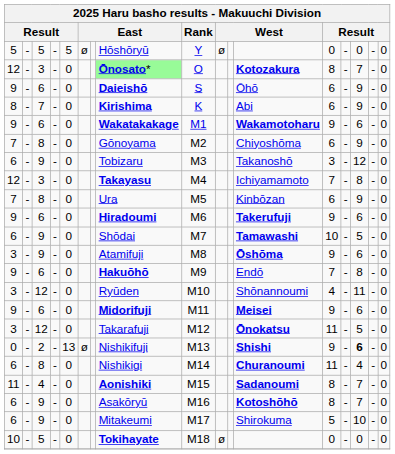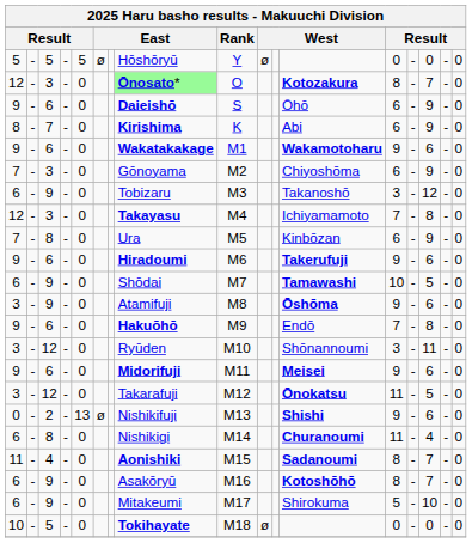 <table class="wikitable" style="text-align:center">
 <tr>
 <th colspan="17">2025 Haru basho results - Makuuchi Division</th>
 </tr>
 <tr>
 <th colspan="5">Result</th>
 <th colspan="3">East</th>
 <th>Rank</th>
 <th colspan="3">West</th>
 <th colspan="5">Result</th>
 </tr>
 <tr>
 <td>5</td>
 <td>-</td>
 <td>5</td>
 <td>-</td>
 <td>5</td>
 <td>ø</td>
 <td></td>
 <td style="text-align:left;"><a href='#'>Hōshōryū</a></td>
 <td><a href='#'>Y</a></td>
 <td>ø</td>
 <td></td>
 <td></td>
 <td>0</td>
 <td>-</td>
 <td>0</td>
 <td>-</td>
 <td>0</td>
 </tr>
 <tr>
 <td>12</td>
 <td>-</td>
 <td>3</td>
 <td>-</td>
 <td>0</td>
 <td></td>
 <td></td>
 <td style="text-align:left; background:palegreen;"><strong><a href='#'>Ōnosato</a></strong>*</td>
 <td><a href='#'>O</a></td>
 <td></td>
 <td></td>
 <td style="text-align:left;"><strong><a href='#'>Kotozakura</a></strong></td>
 <td>8</td>
 <td>-</td>
 <td>7</td>
 <td>-</td>
 <td>0</td>
 </tr>
 <tr>
 <td>9</td>
 <td>-</td>
 <td>6</td>
 <td>-</td>
 <td>0</td>
 <td></td>
 <td></td>
 <td style="text-align:left;"><strong><a href='#'>Daieishō</a></strong></td>
 <td><a href='#'>S</a></td>
 <td></td>
 <td></td>
 <td style="text-align:left;"><a href='#'>Ōhō</a></td>
 <td>6</td>
 <td>-</td>
 <td>9</td>
 <td>-</td>
 <td>0</td>
 </tr>
 <tr>
 <td>8</td>
 <td>-</td>
 <td>7</td>
 <td>-</td>
 <td>0</td>
 <td></td>
 <td></td>
 <td style="text-align:left;"><strong><a href='#'>Kirishima</a></strong></td>
 <td><a href='#'>K</a></td>
 <td></td>
 <td></td>
 <td style="text-align:left;"><a href='#'>Abi</a></td>
 <td>6</td>
 <td>-</td>
 <td>9</td>
 <td>-</td>
 <td>0</td>
 </tr>
 <tr>
 <td>9</td>
 <td>-</td>
 <td>6</td>
 <td>-</td>
 <td>0</td>
 <td></td>
 <td></td>
 <td style="text-align:left;"><strong><a href='#'>Wakatakakage</a></strong></td>
 <td><a href='#'>M1</a></td>
 <td></td>
 <td></td>
 <td style="text-align:left;"><strong><a href='#'>Wakamotoharu</a></strong></td>
 <td>9</td>
 <td>-</td>
 <td>6</td>
 <td>-</td>
 <td>0</td>
 </tr>
 <tr>
 <td>7</td>
 <td>-</td>
-<td>8</td>
+<td>3</td>
 <td>-</td>
 <td>0</td>
 <td></td>
 <td></td>
 <td style="text-align:left;"><a href='#'>Gōnoyama</a></td>
 <td>M2</td>
 <td></td>
 <td></td>
 <td style="text-align:left;"><a href='#'>Chiyoshōma</a></td>
 <td>6</td>
 <td>-</td>
 <td>9</td>
 <td>-</td>
 <td>0</td>
 </tr>
 <tr>
 <td>6</td>
 <td>-</td>
 <td>9</td>
 <td>-</td>
 <td>0</td>
 <td></td>
 <td></td>
 <td style="text-align:left;"><a href='#'>Tobizaru</a></td>
 <td>M3</td>
 <td></td>
 <td></td>
 <td style="text-align:left;"><a href='#'>Takanoshō</a></td>
 <td>3</td>
 <td>-</td>
 <td>12</td>
 <td>-</td>
 <td>0</td>
 </tr>
 <tr>
 <td>12</td>
 <td>-</td>
 <td>3</td>
 <td>-</td>
 <td>0</td>
 <td></td>
 <td></td>
 <td style="text-align:left;"><strong><a href='#'>Takayasu</a></strong></td>
 <td>M4</td>
 <td></td>
 <td></td>
 <td style="text-align:left;"><a href='#'>Ichiyamamoto</a></td>
 <td>7</td>
 <td>-</td>
 <td>8</td>
 <td>-</td>
 <td>0</td>
 </tr>
 <tr>
 <td>7</td>
 <td>-</td>
 <td>8</td>
 <td>-</td>
 <td>0</td>
 <td></td>
 <td></td>
 <td style="text-align:left;"><a href='#'>Ura</a></td>
 <td>M5</td>
 <td></td>
 <td></td>
 <td style="text-align:left;"><a href='#'>Kinbōzan</a></td>
 <td>6</td>
 <td>-</td>
 <td>9</td>
 <td>-</td>
 <td>0</td>
 </tr>
 <tr>
 <td>9</td>
 <td>-</td>
 <td>6</td>
 <td>-</td>
 <td>0</td>
 <td></td>
 <td></td>
 <td style="text-align:left;"><strong><a href='#'>Hiradoumi</a></strong></td>
 <td>M6</td>
 <td></td>
 <td></td>
 <td style="text-align:left;"><strong><a href='#'>Takerufuji</a></strong></td>
 <td>9</td>
 <td>-</td>
 <td>6</td>
 <td>-</td>
 <td>0</td>
 </tr>
 <tr>
 <td>6</td>
 <td>-</td>
 <td>9</td>
 <td>-</td>
 <td>0</td>
 <td></td>
 <td></td>
 <td style="text-align:left;"><a href='#'>Shōdai</a></td>
 <td>M7</td>
 <td></td>
 <td></td>
 <td style="text-align:left;"><strong><a href='#'>Tamawashi</a></strong></td>
 <td>10</td>
 <td>-</td>
 <td>5</td>
 <td>-</td>
 <td>0</td>
 </tr>
 <tr>
 <td>3</td>
 <td>-</td>
 <td>9</td>
 <td>-</td>
 <td>0</td>
 <td></td>
 <td></td>
 <td style="text-align:left;"><a href='#'>Atamifuji</a></td>
 <td>M8</td>
 <td></td>
 <td></td>
 <td style="text-align:left;"><strong><a href='#'>Ōshōma</a></strong></td>
 <td>9</td>
 <td>-</td>
 <td>6</td>
 <td>-</td>
 <td>0</td>
 </tr>
 <tr>
 <td>9</td>
 <td>-</td>
 <td>6</td>
 <td>-</td>
 <td>0</td>
 <td></td>
 <td></td>
 <td style="text-align:left;"><strong><a href='#'>Hakuōhō</a></strong></td>
 <td>M9</td>
 <td></td>
 <td></td>
 <td style="text-align:left;"><a href='#'>Endō</a></td>
 <td>7</td>
 <td>-</td>
 <td>8</td>
 <td>-</td>
 <td>0</td>
 </tr>
 <tr>
 <td>3</td>
 <td>-</td>
 <td>12</td>
 <td>-</td>
 <td>0</td>
 <td></td>
 <td></td>
 <td style="text-align:left;"><a href='#'>Ryūden</a></td>
 <td>M10</td>
 <td></td>
 <td></td>
 <td style="text-align:left;"><a href='#'>Shōnannoumi</a></td>
-<td>4</td>
+<td>3</td>
 <td>-</td>
 <td>11</td>
 <td>-</td>
 <td>0</td>
 </tr>
 <tr>
 <td>9</td>
 <td>-</td>
 <td>6</td>
 <td>-</td>
 <td>0</td>
 <td></td>
 <td></td>
 <td style="text-align:left;"><strong><a href='#'>Midorifuji</a></strong></td>
 <td>M11</td>
 <td></td>
 <td></td>
 <td style="text-align:left;"><strong><a href='#'>Meisei</a></strong></td>
 <td>9</td>
 <td>-</td>
 <td>6</td>
 <td>-</td>
 <td>0</td>
 </tr>
 <tr>
 <td>3</td>
 <td>-</td>
 <td>12</td>
 <td>-</td>
 <td>0</td>
 <td></td>
 <td></td>
 <td style="text-align:left;"><a href='#'>Takarafuji</a></td>
 <td>M12</td>
 <td></td>
 <td></td>
 <td style="text-align:left;"><strong><a href='#'>Ōnokatsu</a></strong></td>
 <td>11</td>
 <td>-</td>
 <td>5</td>
 <td>-</td>
 <td>0</td>
 </tr>
 <tr>
 <td>0</td>
 <td>-</td>
 <td>2</td>
 <td>-</td>
 <td>13</td>
 <td>ø</td>
 <td></td>
 <td style="text-align:left;"><a href='#'>Nishikifuji</a></td>
 <td>M13</td>
 <td></td>
 <td></td>
 <td style="text-align:left;"><strong><a href='#'>Shishi</a></strong></td>
 <td>9</td>
 <td>-</td>
-<td><strong>6</strong></td>
+<td>6</td>
 <td>-</td>
 <td>0</td>
 </tr>
 <tr>
 <td>6</td>
 <td>-</td>
 <td>8</td>
 <td>-</td>
 <td>0</td>
 <td></td>
 <td></td>
 <td style="text-align:left;"><a href='#'>Nishikigi</a></td>
 <td>M14</td>
 <td></td>
 <td></td>
 <td style="text-align:left;"><strong><a href='#'>Churanoumi</a></strong></td>
 <td>11</td>
 <td>-</td>
 <td>4</td>
 <td>-</td>
 <td>0</td>
 </tr>
 <tr>
 <td>11</td>
 <td>-</td>
 <td>4</td>
 <td>-</td>
 <td>0</td>
 <td></td>
 <td></td>
 <td style="text-align:left;"><strong><a href='#'>Aonishiki</a></strong></td>
 <td>M15</td>
 <td></td>
 <td></td>
 <td style="text-align:left;"><strong><a href='#'>Sadanoumi</a></strong></td>
 <td>8</td>
 <td>-</td>
 <td>7</td>
 <td>-</td>
 <td>0</td>
 </tr>
 <tr>
 <td>6</td>
 <td>-</td>
 <td>9</td>
 <td>-</td>
 <td>0</td>
 <td></td>
 <td></td>
 <td style="text-align:left;"><a href='#'>Asakōryū</a></td>
 <td>M16</td>
 <td></td>
 <td></td>
 <td style="text-align:left;"><strong><a href='#'>Kotoshōhō</a></strong></td>
 <td>8</td>
 <td>-</td>
 <td>7</td>
 <td>-</td>
 <td>0</td>
 </tr>
 <tr>
 <td>6</td>
 <td>-</td>
 <td>9</td>
 <td>-</td>
 <td>0</td>
 <td></td>
 <td></td>
 <td style="text-align:left;"><a href='#'>Mitakeumi</a></td>
 <td>M17</td>
 <td></td>
 <td></td>
 <td style="text-align:left;"><a href='#'>Shirokuma</a></td>
 <td>5</td>
 <td>-</td>
 <td>10</td>
 <td>-</td>
 <td>0</td>
 </tr>
 <tr>
 <td>10</td>
 <td>-</td>
 <td>5</td>
 <td>-</td>
 <td>0</td>
 <td></td>
 <td></td>
 <td style="text-align:left;"><strong><a href='#'>Tokihayate</a></strong></td>
 <td>M18</td>
 <td>ø</td>
 <td></td>
 <td></td>
 <td>0</td>
 <td>-</td>
 <td>0</td>
 <td>-</td>
 <td>0</td>
 </tr>
 <tr>
 </tr>
 </table>
